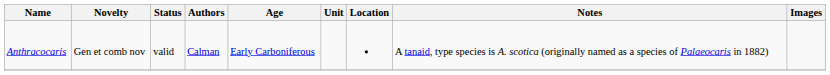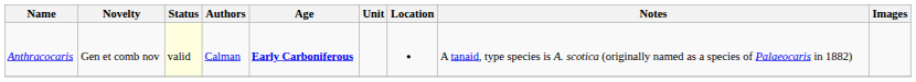 <table class="wikitable sortable" align="center" width="100%">
 <tr>
 <th>Name</th>
 <th>Novelty</th>
 <th>Status</th>
 <th>Authors</th>
 <th>Age</th>
 <th>Unit</th>
 <th>Location</th>
 <th>Notes</th>
 <th>Images</th>
 </tr>
 <tr>
 <td><br><em><a href='#'>Anthracocaris</a></em></td>
 <td><br>Gen et comb nov</td>
-<td><br>valid</td>
+<td style="background: lightyellow;"><br>valid</td>
 <td><br><a href='#'>Calman</a></td>
-<td><br><a href='#'>Early Carboniferous</a></td>
+<td><strong><br><a href='#'>Early Carboniferous</a></strong></td>
 <td></td>
 <td><br><ul><li></li></ul></td>
 <td><br>A <a href='#'>tanaid</a>, type species is <em>A. scotica</em> (originally named as a species of <em><a href='#'>Palaeocaris</a></em> in 1882)</td>
 <td></td>
 </tr>
 <tr>
 </tr>
 </table>
